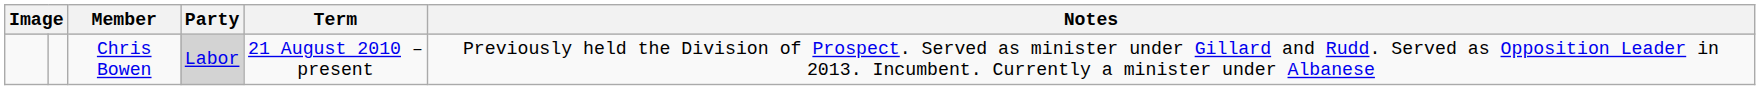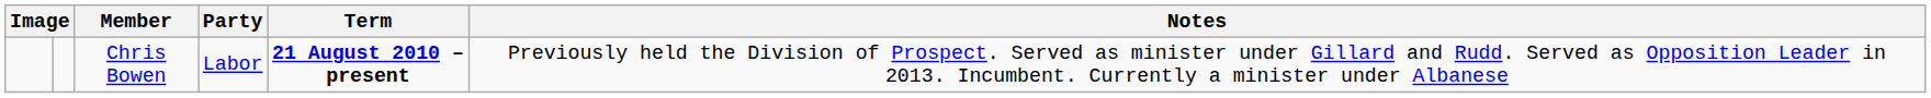 <table class=wikitable style="text-align:center">
 <tr>
 <th colspan=2>Image</th>
 <th>Member</th>
 <th>Party</th>
 <th>Term</th>
 <th>Notes</th>
 </tr>
 <tr>
 <td> </td>
 <td></td>
 <td><a href='#'>Chris Bowen</a><br></td>
-<td style="background: lightgrey;"><a href='#'>Labor</a></td>
-<td nowrap><a href='#'>21 August 2010</a> –<br>present</td>
+<td><a href='#'>Labor</a></td>
+<td nowrap><strong><a href='#'>21 August 2010</a> –<br>present</strong></td>
 <td>Previously held the Division of <a href='#'>Prospect</a>. Served as minister under <a href='#'>Gillard</a> and <a href='#'>Rudd</a>. Served as <a href='#'>Opposition Leader</a> in 2013. Incumbent. Currently a minister under <a href='#'>Albanese</a></td>
 </tr>
 </table>
